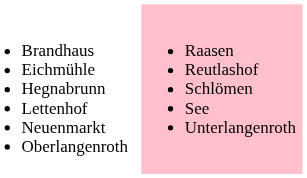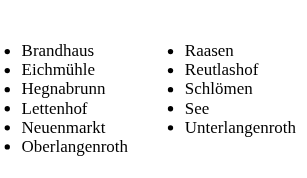 <table>
 <tr>
 <th width=150 align=left></th>
 <th width=150 align=left></th>
 </tr>
 <tr valign=top>
 <td><br><ul><li>Brandhaus</li><li>Eichmühle</li><li>Hegnabrunn</li><li>Lettenhof</li><li>Neuenmarkt</li><li>Oberlangenroth</li></ul></td>
-<td style="background: pink;"><br><ul><li>Raasen</li><li>Reutlashof</li><li>Schlömen</li><li>See</li><li>Unterlangenroth</li></ul></td>
+<td><br><ul><li>Raasen</li><li>Reutlashof</li><li>Schlömen</li><li>See</li><li>Unterlangenroth</li></ul></td>
 </tr>
 </table>
